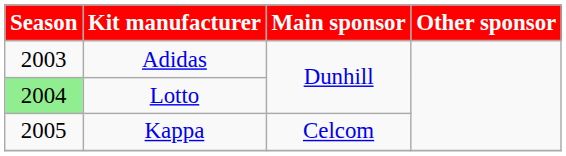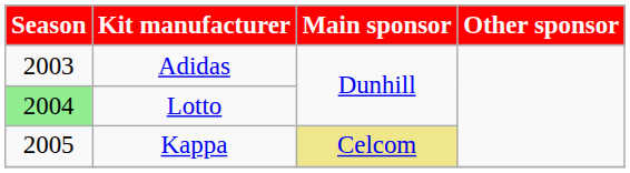 <table class="wikitable" style="text-align: center">
 <tr>
 <th style="background:red; color:white;">Season</th>
 <th style="background:red; color:white;">Kit manufacturer</th>
 <th style="background:red; color:white;">Main sponsor</th>
 <th style="background:red; color:white;">Other sponsor</th>
 </tr>
 <tr>
 <td>2003</td>
 <td> <a href='#'>Adidas</a></td>
 <td rowspan=2><a href='#'>Dunhill</a></td>
 <td rowspan=3></td>
 </tr>
 <tr>
 <td style="background: lightgreen;">2004</td>
 <td> <a href='#'>Lotto</a></td>
 </tr>
 <tr>
 <td>2005</td>
 <td> <a href='#'>Kappa</a></td>
-<td><a href='#'>Celcom</a></td>
+<td style="background: khaki;"><a href='#'>Celcom</a></td>
 </tr>
 <tr>
 </tr>
 </table>
